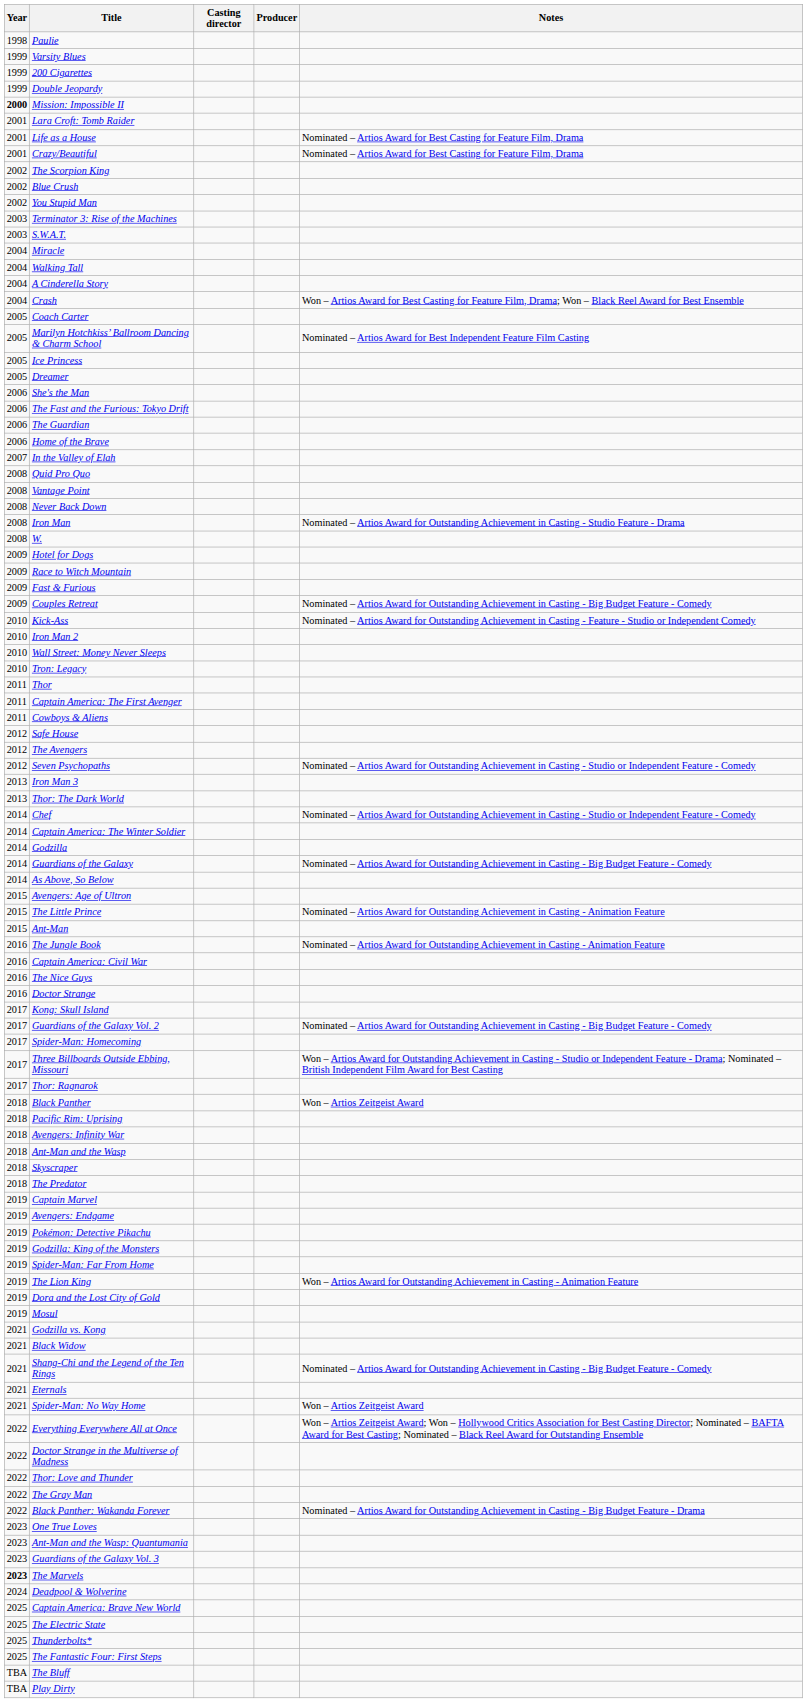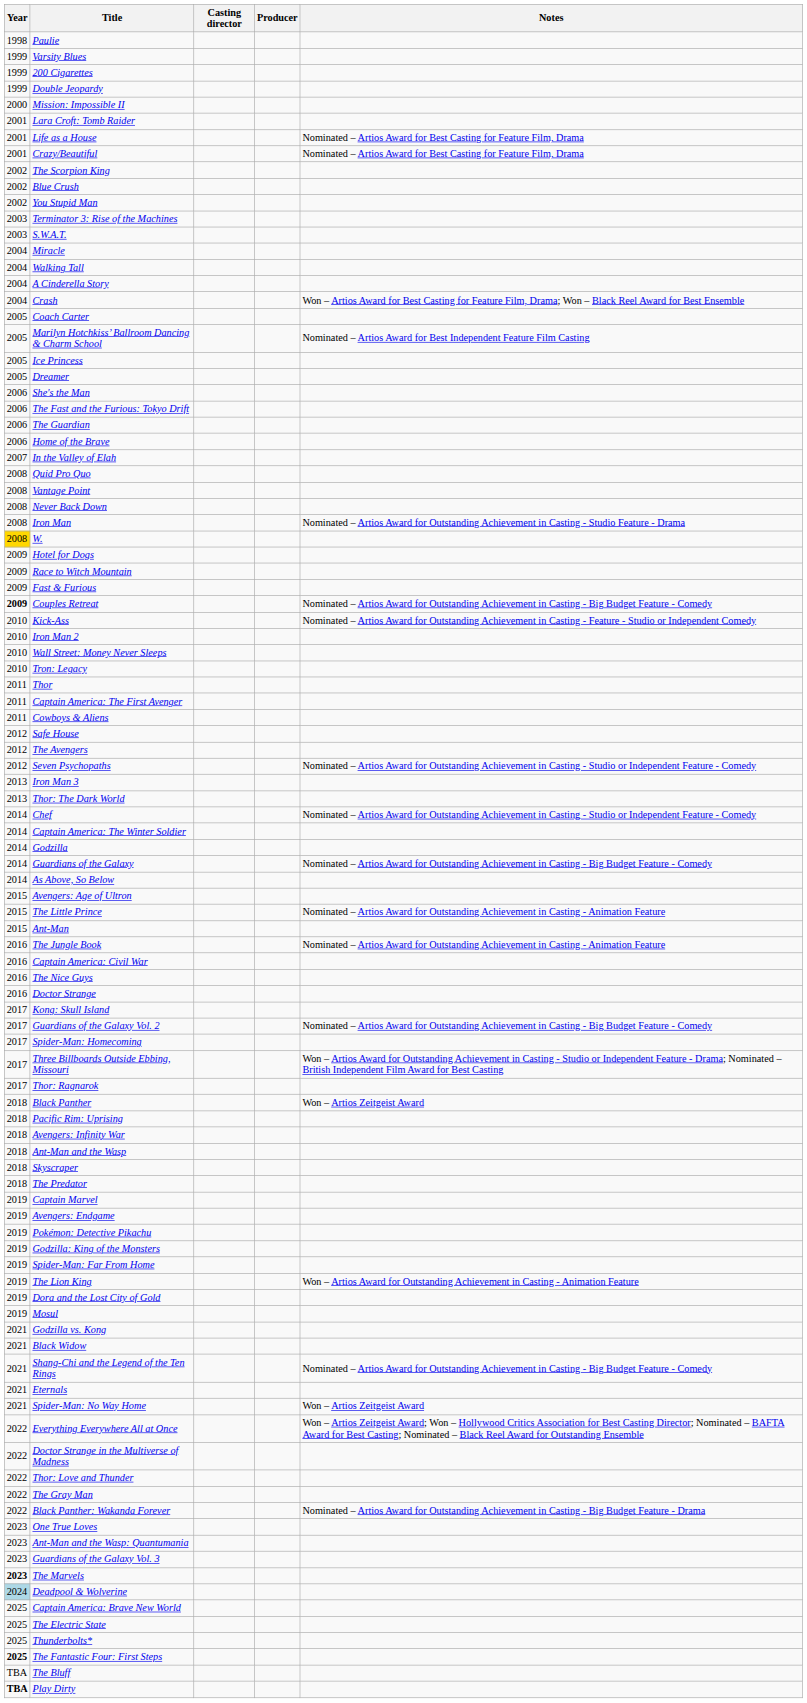 <table class="wikitable">
 <tr>
 <th>Year</th>
 <th>Title</th>
 <th>Casting director</th>
 <th>Producer</th>
 <th>Notes</th>
 </tr>
 <tr>
 <td>1998</td>
 <td><em><a href='#'>Paulie</a></em></td>
 <td></td>
 <td></td>
 <td></td>
 </tr>
 <tr>
 <td>1999</td>
 <td><em><a href='#'>Varsity Blues</a></em></td>
 <td></td>
 <td></td>
 <td></td>
 </tr>
 <tr>
 <td>1999</td>
 <td><em><a href='#'>200 Cigarettes</a></em></td>
 <td></td>
 <td></td>
 <td></td>
 </tr>
 <tr>
 <td>1999</td>
 <td><em><a href='#'>Double Jeopardy</a></em></td>
 <td></td>
 <td></td>
 <td></td>
 </tr>
 <tr>
-<td><strong>2000</strong></td>
+<td>2000</td>
 <td><em><a href='#'>Mission: Impossible II</a></em></td>
 <td></td>
 <td></td>
 <td></td>
 </tr>
 <tr>
 <td>2001</td>
 <td><em><a href='#'>Lara Croft: Tomb Raider</a></em></td>
 <td></td>
 <td></td>
 <td></td>
 </tr>
 <tr>
 <td>2001</td>
 <td><em><a href='#'>Life as a House</a></em></td>
 <td></td>
 <td></td>
 <td>Nominated – <a href='#'>Artios Award for Best Casting for Feature Film, Drama</a></td>
 </tr>
 <tr>
 <td>2001</td>
 <td><em><a href='#'>Crazy/Beautiful</a></em></td>
 <td></td>
 <td></td>
 <td>Nominated – <a href='#'>Artios Award for Best Casting for Feature Film, Drama</a></td>
 </tr>
 <tr>
 <td>2002</td>
 <td><em><a href='#'>The Scorpion King</a></em></td>
 <td></td>
 <td></td>
 <td></td>
 </tr>
 <tr>
 <td>2002</td>
 <td><em><a href='#'>Blue Crush</a></em></td>
 <td></td>
 <td></td>
 <td></td>
 </tr>
 <tr>
 <td>2002</td>
 <td><em><a href='#'>You Stupid Man</a></em></td>
 <td></td>
 <td></td>
 <td></td>
 </tr>
 <tr>
 <td>2003</td>
 <td><em><a href='#'>Terminator 3: Rise of the Machines</a></em></td>
 <td></td>
 <td></td>
 <td></td>
 </tr>
 <tr>
 <td>2003</td>
 <td><em><a href='#'>S.W.A.T.</a></em></td>
 <td></td>
 <td></td>
 <td></td>
 </tr>
 <tr>
 <td>2004</td>
 <td><em><a href='#'>Miracle</a></em></td>
 <td></td>
 <td></td>
 <td></td>
 </tr>
 <tr>
 <td>2004</td>
 <td><em><a href='#'>Walking Tall</a></em></td>
 <td></td>
 <td></td>
 <td></td>
 </tr>
 <tr>
 <td>2004</td>
 <td><em><a href='#'>A Cinderella Story</a></em></td>
 <td></td>
 <td></td>
 <td></td>
 </tr>
 <tr>
 <td>2004</td>
 <td><em><a href='#'>Crash</a></em></td>
 <td></td>
 <td></td>
 <td>Won – <a href='#'>Artios Award for Best Casting for Feature Film, Drama</a>; Won – <a href='#'>Black Reel Award for Best Ensemble</a></td>
 </tr>
 <tr>
 <td>2005</td>
 <td><em><a href='#'>Coach Carter</a></em></td>
 <td></td>
 <td></td>
 <td></td>
 </tr>
 <tr>
 <td>2005</td>
 <td><em><a href='#'>Marilyn Hotchkiss’ Ballroom Dancing & Charm School</a></em></td>
 <td></td>
 <td></td>
 <td>Nominated – <a href='#'>Artios Award for Best Independent Feature Film Casting</a></td>
 </tr>
 <tr>
 <td>2005</td>
 <td><em><a href='#'>Ice Princess</a></em></td>
 <td></td>
 <td></td>
 <td></td>
 </tr>
 <tr>
 <td>2005</td>
 <td><em><a href='#'>Dreamer</a></em></td>
 <td></td>
 <td></td>
 <td></td>
 </tr>
 <tr>
 <td>2006</td>
 <td><em><a href='#'>She's the Man</a></em></td>
 <td></td>
 <td></td>
 <td></td>
 </tr>
 <tr>
 <td>2006</td>
 <td><em><a href='#'>The Fast and the Furious: Tokyo Drift</a></em></td>
 <td></td>
 <td></td>
 <td></td>
 </tr>
 <tr>
 <td>2006</td>
 <td><em><a href='#'>The Guardian</a></em></td>
 <td></td>
 <td></td>
 <td></td>
 </tr>
 <tr>
 <td>2006</td>
 <td><em><a href='#'>Home of the Brave</a></em></td>
 <td></td>
 <td></td>
 <td></td>
 </tr>
 <tr>
 <td>2007</td>
 <td><em><a href='#'>In the Valley of Elah</a></em></td>
 <td></td>
 <td></td>
 <td></td>
 </tr>
 <tr>
 <td>2008</td>
 <td><em><a href='#'>Quid Pro Quo</a></em></td>
 <td></td>
 <td></td>
 <td></td>
 </tr>
 <tr>
 <td>2008</td>
 <td><em><a href='#'>Vantage Point</a></em></td>
 <td></td>
 <td></td>
 <td></td>
 </tr>
 <tr>
 <td>2008</td>
 <td><em><a href='#'>Never Back Down</a></em></td>
 <td></td>
 <td></td>
 <td></td>
 </tr>
 <tr>
 <td>2008</td>
 <td><em><a href='#'>Iron Man</a></em></td>
 <td></td>
 <td></td>
 <td>Nominated – <a href='#'>Artios Award for Outstanding Achievement in Casting - Studio Feature - Drama</a></td>
 </tr>
 <tr>
-<td>2008</td>
+<td style="background: gold;">2008</td>
 <td><em><a href='#'>W.</a></em></td>
 <td></td>
 <td></td>
 <td></td>
 </tr>
 <tr>
 <td>2009</td>
 <td><em><a href='#'>Hotel for Dogs</a></em></td>
 <td></td>
 <td></td>
 <td></td>
 </tr>
 <tr>
 <td>2009</td>
 <td><em><a href='#'>Race to Witch Mountain</a></em></td>
 <td></td>
 <td></td>
 <td></td>
 </tr>
 <tr>
 <td>2009</td>
 <td><em><a href='#'>Fast & Furious</a></em></td>
 <td></td>
 <td></td>
 <td></td>
 </tr>
 <tr>
-<td>2009</td>
+<td><strong>2009</strong></td>
 <td><em><a href='#'>Couples Retreat</a></em></td>
 <td></td>
 <td></td>
 <td>Nominated – <a href='#'>Artios Award for Outstanding Achievement in Casting - Big Budget Feature - Comedy</a></td>
 </tr>
 <tr>
 <td>2010</td>
 <td><em><a href='#'>Kick-Ass</a></em></td>
 <td></td>
 <td></td>
 <td>Nominated – <a href='#'>Artios Award for Outstanding Achievement in Casting - Feature - Studio or Independent Comedy</a></td>
 </tr>
 <tr>
 <td>2010</td>
 <td><em><a href='#'>Iron Man 2</a></em></td>
 <td></td>
 <td></td>
 <td></td>
 </tr>
 <tr>
 <td>2010</td>
 <td><em><a href='#'>Wall Street: Money Never Sleeps</a></em></td>
 <td></td>
 <td></td>
 <td></td>
 </tr>
 <tr>
 <td>2010</td>
 <td><em><a href='#'>Tron: Legacy</a></em></td>
 <td></td>
 <td></td>
 <td></td>
 </tr>
 <tr>
 <td>2011</td>
 <td><em><a href='#'>Thor</a></em></td>
 <td></td>
 <td></td>
 <td></td>
 </tr>
 <tr>
 <td>2011</td>
 <td><em><a href='#'>Captain America: The First Avenger</a></em></td>
 <td></td>
 <td></td>
 <td></td>
 </tr>
 <tr>
 <td>2011</td>
 <td><em><a href='#'>Cowboys & Aliens</a></em></td>
 <td></td>
 <td></td>
 <td></td>
 </tr>
 <tr>
 <td>2012</td>
 <td><em><a href='#'>Safe House</a></em></td>
 <td></td>
 <td></td>
 <td></td>
 </tr>
 <tr>
 <td>2012</td>
 <td><em><a href='#'>The Avengers</a></em></td>
 <td></td>
 <td></td>
 <td></td>
 </tr>
 <tr>
 <td>2012</td>
 <td><em><a href='#'>Seven Psychopaths</a></em></td>
 <td></td>
 <td></td>
 <td>Nominated – <a href='#'>Artios Award for Outstanding Achievement in Casting - Studio or Independent Feature - Comedy</a></td>
 </tr>
 <tr>
 <td>2013</td>
 <td><em><a href='#'>Iron Man 3</a></em></td>
 <td></td>
 <td></td>
 <td></td>
 </tr>
 <tr>
 <td>2013</td>
 <td><em><a href='#'>Thor: The Dark World</a></em></td>
 <td></td>
 <td></td>
 <td></td>
 </tr>
 <tr>
 <td>2014</td>
 <td><em><a href='#'>Chef</a></em></td>
 <td></td>
 <td></td>
 <td>Nominated – <a href='#'>Artios Award for Outstanding Achievement in Casting - Studio or Independent Feature - Comedy</a></td>
 </tr>
 <tr>
 <td>2014</td>
 <td><em><a href='#'>Captain America: The Winter Soldier</a></em></td>
 <td></td>
 <td></td>
 <td></td>
 </tr>
 <tr>
 <td>2014</td>
 <td><em><a href='#'>Godzilla</a></em></td>
 <td></td>
 <td></td>
 <td></td>
 </tr>
 <tr>
 <td>2014</td>
 <td><em><a href='#'>Guardians of the Galaxy</a></em></td>
 <td></td>
 <td></td>
 <td>Nominated – <a href='#'>Artios Award for Outstanding Achievement in Casting - Big Budget Feature - Comedy</a></td>
 </tr>
 <tr>
 <td>2014</td>
 <td><em><a href='#'>As Above, So Below</a></em></td>
 <td></td>
 <td></td>
 <td></td>
 </tr>
 <tr>
 <td>2015</td>
 <td><em><a href='#'>Avengers: Age of Ultron</a></em></td>
 <td></td>
 <td></td>
 <td></td>
 </tr>
 <tr>
 <td>2015</td>
 <td><em><a href='#'>The Little Prince</a></em></td>
 <td></td>
 <td></td>
 <td>Nominated – <a href='#'>Artios Award for Outstanding Achievement in Casting - Animation Feature</a></td>
 </tr>
 <tr>
 <td>2015</td>
 <td><em><a href='#'>Ant-Man</a></em></td>
 <td></td>
 <td></td>
 <td></td>
 </tr>
 <tr>
 <td>2016</td>
 <td><em><a href='#'>The Jungle Book</a></em></td>
 <td></td>
 <td></td>
 <td>Nominated – <a href='#'>Artios Award for Outstanding Achievement in Casting - Animation Feature</a></td>
 </tr>
 <tr>
 <td>2016</td>
 <td><em><a href='#'>Captain America: Civil War</a></em></td>
 <td></td>
 <td></td>
 <td></td>
 </tr>
 <tr>
 <td>2016</td>
 <td><em><a href='#'>The Nice Guys</a></em></td>
 <td></td>
 <td></td>
 <td></td>
 </tr>
 <tr>
 <td>2016</td>
 <td><em><a href='#'>Doctor Strange</a></em></td>
 <td></td>
 <td></td>
 <td></td>
 </tr>
 <tr>
 <td>2017</td>
 <td><em><a href='#'>Kong: Skull Island</a></em></td>
 <td></td>
 <td></td>
 <td></td>
 </tr>
 <tr>
 <td>2017</td>
 <td><em><a href='#'>Guardians of the Galaxy Vol. 2</a></em></td>
 <td></td>
 <td></td>
 <td>Nominated – <a href='#'>Artios Award for Outstanding Achievement in Casting - Big Budget Feature - Comedy</a></td>
 </tr>
 <tr>
 <td>2017</td>
 <td><em><a href='#'>Spider-Man: Homecoming</a></em></td>
 <td></td>
 <td></td>
 <td></td>
 </tr>
 <tr>
 <td>2017</td>
 <td><em><a href='#'>Three Billboards Outside Ebbing, Missouri</a></em></td>
 <td></td>
 <td></td>
 <td>Won – <a href='#'>Artios Award for Outstanding Achievement in Casting - Studio or Independent Feature - Drama</a>; Nominated – <a href='#'>British Independent Film Award for Best Casting</a></td>
 </tr>
 <tr>
 <td>2017</td>
 <td><em><a href='#'>Thor: Ragnarok</a></em></td>
 <td></td>
 <td></td>
 <td></td>
 </tr>
 <tr>
 <td>2018</td>
 <td><em><a href='#'>Black Panther</a></em></td>
 <td></td>
 <td></td>
 <td>Won – <a href='#'>Artios Zeitgeist Award</a></td>
 </tr>
 <tr>
 <td>2018</td>
 <td><em><a href='#'>Pacific Rim: Uprising</a></em></td>
 <td></td>
 <td></td>
 <td></td>
 </tr>
 <tr>
 <td>2018</td>
 <td><em><a href='#'>Avengers: Infinity War</a></em></td>
 <td></td>
 <td></td>
 <td></td>
 </tr>
 <tr>
 <td>2018</td>
 <td><em><a href='#'>Ant-Man and the Wasp</a></em></td>
 <td></td>
 <td></td>
 <td></td>
 </tr>
 <tr>
 <td>2018</td>
 <td><em><a href='#'>Skyscraper</a></em></td>
 <td></td>
 <td></td>
 <td></td>
 </tr>
 <tr>
 <td>2018</td>
 <td><em><a href='#'>The Predator</a></em></td>
 <td></td>
 <td></td>
 <td></td>
 </tr>
 <tr>
 <td>2019</td>
 <td><em><a href='#'>Captain Marvel</a></em></td>
 <td></td>
 <td></td>
 <td></td>
 </tr>
 <tr>
 <td>2019</td>
 <td><em><a href='#'>Avengers: Endgame</a></em></td>
 <td></td>
 <td></td>
 <td></td>
 </tr>
 <tr>
 <td>2019</td>
 <td><em><a href='#'>Pokémon: Detective Pikachu</a></em></td>
 <td></td>
 <td></td>
 <td></td>
 </tr>
 <tr>
 <td>2019</td>
 <td><em><a href='#'>Godzilla: King of the Monsters</a></em></td>
 <td></td>
 <td></td>
 <td></td>
 </tr>
 <tr>
 <td>2019</td>
 <td><em><a href='#'>Spider-Man: Far From Home</a></em></td>
 <td></td>
 <td></td>
 <td></td>
 </tr>
 <tr>
 <td>2019</td>
 <td><em><a href='#'>The Lion King</a></em></td>
 <td></td>
 <td></td>
 <td>Won – <a href='#'>Artios Award for Outstanding Achievement in Casting - Animation Feature</a></td>
 </tr>
 <tr>
 <td>2019</td>
 <td><em><a href='#'>Dora and the Lost City of Gold</a></em></td>
 <td></td>
 <td></td>
 <td></td>
 </tr>
 <tr>
 <td>2019</td>
 <td><em><a href='#'>Mosul</a></em></td>
 <td></td>
 <td></td>
 <td></td>
 </tr>
 <tr>
 <td>2021</td>
 <td><em><a href='#'>Godzilla vs. Kong</a></em></td>
 <td></td>
 <td></td>
 <td></td>
 </tr>
 <tr>
 <td>2021</td>
 <td><em><a href='#'>Black Widow</a></em></td>
 <td></td>
 <td></td>
 <td></td>
 </tr>
 <tr>
 <td>2021</td>
 <td><em><a href='#'>Shang-Chi and the Legend of the Ten Rings</a></em></td>
 <td></td>
 <td></td>
 <td>Nominated – <a href='#'>Artios Award for Outstanding Achievement in Casting - Big Budget Feature - Comedy</a></td>
 </tr>
 <tr>
 <td>2021</td>
 <td><em><a href='#'>Eternals</a></em></td>
 <td></td>
 <td></td>
 <td></td>
 </tr>
 <tr>
 <td>2021</td>
 <td><em><a href='#'>Spider-Man: No Way Home</a></em></td>
 <td></td>
 <td></td>
 <td>Won – <a href='#'>Artios Zeitgeist Award</a></td>
 </tr>
 <tr>
 <td>2022</td>
 <td><em><a href='#'>Everything Everywhere All at Once</a></em></td>
 <td></td>
 <td></td>
 <td>Won – <a href='#'>Artios Zeitgeist Award</a>; Won – <a href='#'>Hollywood Critics Association for Best Casting Director</a>; Nominated – <a href='#'>BAFTA Award for Best Casting</a>;  Nominated – <a href='#'>Black Reel Award for Outstanding Ensemble</a></td>
 </tr>
 <tr>
 <td>2022</td>
 <td><em><a href='#'>Doctor Strange in the Multiverse of Madness</a></em></td>
 <td></td>
 <td></td>
 <td></td>
 </tr>
 <tr>
 <td>2022</td>
 <td><em><a href='#'>Thor: Love and Thunder</a></em></td>
 <td></td>
 <td></td>
 <td></td>
 </tr>
 <tr>
 <td>2022</td>
 <td><em><a href='#'>The Gray Man</a></em></td>
 <td></td>
 <td></td>
 <td></td>
 </tr>
 <tr>
 <td>2022</td>
 <td><em><a href='#'>Black Panther: Wakanda Forever</a></em></td>
 <td></td>
 <td></td>
 <td>Nominated – <a href='#'>Artios Award for Outstanding Achievement in Casting - Big Budget Feature - Drama</a></td>
 </tr>
 <tr>
 <td>2023</td>
 <td><em><a href='#'>One True Loves</a></em></td>
 <td></td>
 <td></td>
 <td></td>
 </tr>
 <tr>
 <td>2023</td>
 <td><em><a href='#'>Ant-Man and the Wasp: Quantumania</a></em></td>
 <td></td>
 <td></td>
 <td></td>
 </tr>
 <tr>
 <td>2023</td>
 <td><em><a href='#'>Guardians of the Galaxy Vol. 3</a></em></td>
 <td></td>
 <td></td>
 <td></td>
 </tr>
 <tr>
 <td><strong>2023</strong></td>
 <td><em><a href='#'>The Marvels</a></em></td>
 <td></td>
 <td></td>
 <td></td>
 </tr>
 <tr>
-<td>2024</td>
+<td style="background: lightblue;">2024</td>
 <td><em><a href='#'>Deadpool & Wolverine</a></em></td>
 <td></td>
 <td></td>
 <td></td>
 </tr>
 <tr>
 <td>2025</td>
 <td><em><a href='#'>Captain America: Brave New World</a></em></td>
 <td></td>
 <td></td>
 <td></td>
 </tr>
 <tr>
 <td>2025</td>
 <td><em><a href='#'>The Electric State</a></em></td>
 <td></td>
 <td></td>
 <td></td>
 </tr>
 <tr>
 <td>2025</td>
 <td><em><a href='#'>Thunderbolts*</a></em></td>
 <td></td>
 <td></td>
 <td></td>
 </tr>
 <tr>
-<td>2025</td>
+<td><strong>2025</strong></td>
 <td><em><a href='#'>The Fantastic Four: First Steps</a></em></td>
 <td></td>
 <td></td>
 <td></td>
 </tr>
 <tr>
 <td>TBA</td>
 <td><em><a href='#'>The Bluff</a></em></td>
 <td></td>
 <td></td>
 <td></td>
 </tr>
 <tr>
-<td>TBA</td>
+<td><strong>TBA</strong></td>
 <td><em><a href='#'>Play Dirty</a></em></td>
 <td></td>
 <td></td>
 <td></td>
 </tr>
 </table>
